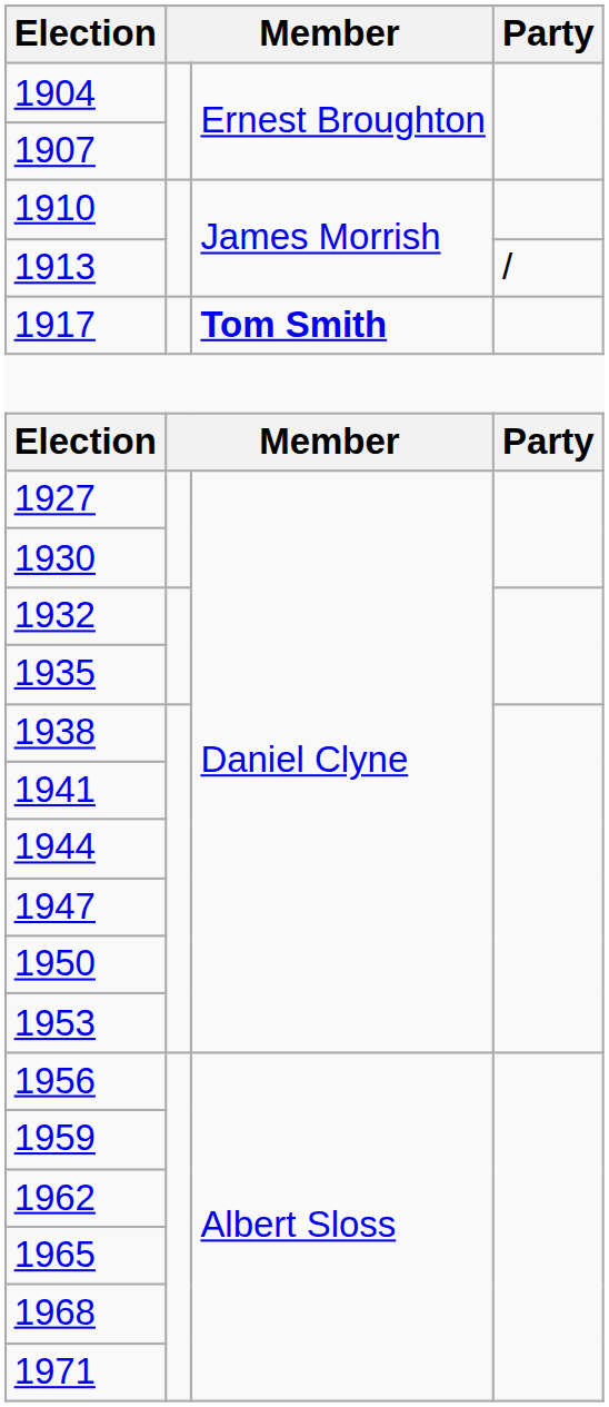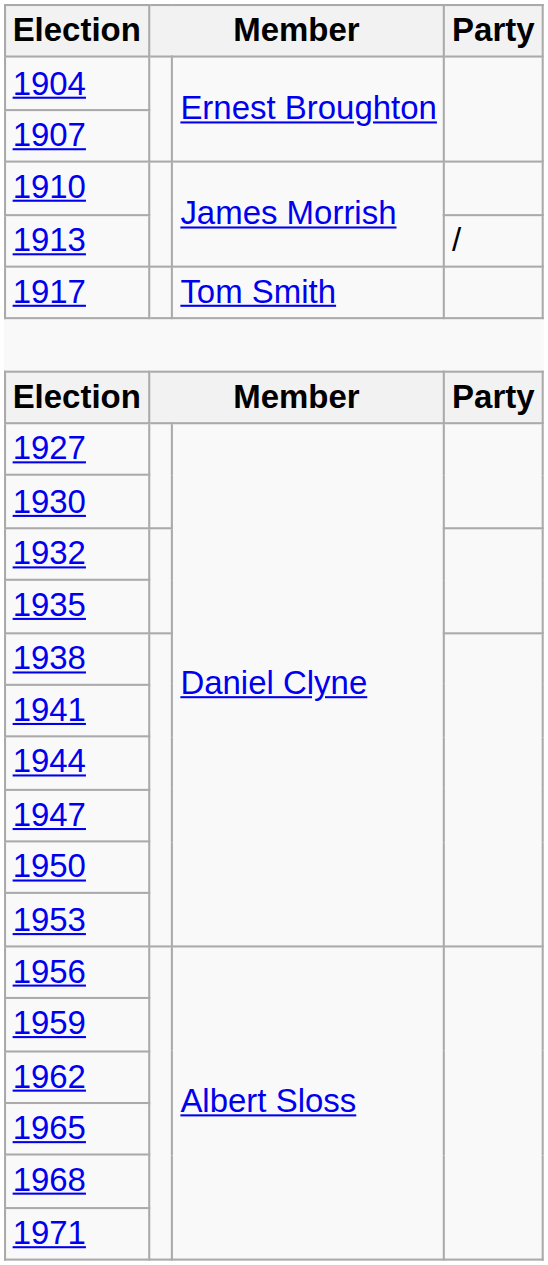 <table class="wikitable" style='border-style: none none none none;'>
 <tr>
 <th>Election</th>
 <th colspan="2">Member</th>
 <th>Party</th>
 </tr>
 <tr style="background: #f9f9f9">
 <td><a href='#'>1904</a></td>
 <td rowspan="2" > </td>
 <td rowspan="2"><a href='#'>Ernest Broughton</a></td>
 <td rowspan="2"></td>
 </tr>
 <tr style="background: #f9f9f9">
 <td><a href='#'>1907</a></td>
 </tr>
 <tr style="background: #f9f9f9">
 <td><a href='#'>1910</a></td>
 <td rowspan="2" > </td>
 <td rowspan="2"><a href='#'>James Morrish</a></td>
 <td></td>
 </tr>
 <tr style="background: #f9f9f9">
 <td><a href='#'>1913</a></td>
 <td> / </td>
 </tr>
 <tr style="background: #f9f9f9">
 <td><a href='#'>1917</a></td>
 <td> </td>
-<td><strong><a href='#'>Tom Smith</a></strong></td>
+<td><a href='#'>Tom Smith</a></td>
 <td></td>
 </tr>
 <tr>
 <td colspan="4" style='border-style: none none none none;'> </td>
 </tr>
 <tr>
 <th>Election</th>
 <th colspan="2">Member</th>
 <th>Party</th>
 </tr>
 <tr style="background: #f9f9f9">
 <td><a href='#'>1927</a></td>
 <td rowspan="2" > </td>
 <td rowspan="10"><a href='#'>Daniel Clyne</a></td>
 <td rowspan="2"></td>
 </tr>
 <tr style="background: #f9f9f9">
 <td><a href='#'>1930</a></td>
 </tr>
 <tr style="background: #f9f9f9">
 <td><a href='#'>1932</a></td>
 <td rowspan="2" > </td>
 <td rowspan="2"></td>
 </tr>
 <tr style="background: #f9f9f9">
 <td><a href='#'>1935</a></td>
 </tr>
 <tr style="background: #f9f9f9">
 <td><a href='#'>1938</a></td>
 <td rowspan="6" > </td>
 <td rowspan="6"></td>
 </tr>
 <tr style="background: #f9f9f9">
 <td><a href='#'>1941</a></td>
 </tr>
 <tr style="background: #f9f9f9">
 <td><a href='#'>1944</a></td>
 </tr>
 <tr style="background: #f9f9f9">
 <td><a href='#'>1947</a></td>
 </tr>
 <tr style="background: #f9f9f9">
 <td><a href='#'>1950</a></td>
 </tr>
 <tr style="background: #f9f9f9">
 <td><a href='#'>1953</a></td>
 </tr>
 <tr style="background: #f9f9f9">
 <td><a href='#'>1956</a></td>
 <td rowspan="6" > </td>
 <td rowspan="6"><a href='#'>Albert Sloss</a></td>
 <td rowspan="6"></td>
 </tr>
 <tr style="background: #f9f9f9">
 <td><a href='#'>1959</a></td>
 </tr>
 <tr style="background: #f9f9f9">
 <td><a href='#'>1962</a></td>
 </tr>
 <tr style="background: #f9f9f9">
 <td><a href='#'>1965</a></td>
 </tr>
 <tr style="background: #f9f9f9">
 <td><a href='#'>1968</a></td>
 </tr>
 <tr style="background: #f9f9f9">
 <td><a href='#'>1971</a></td>
 </tr>
 </table>
